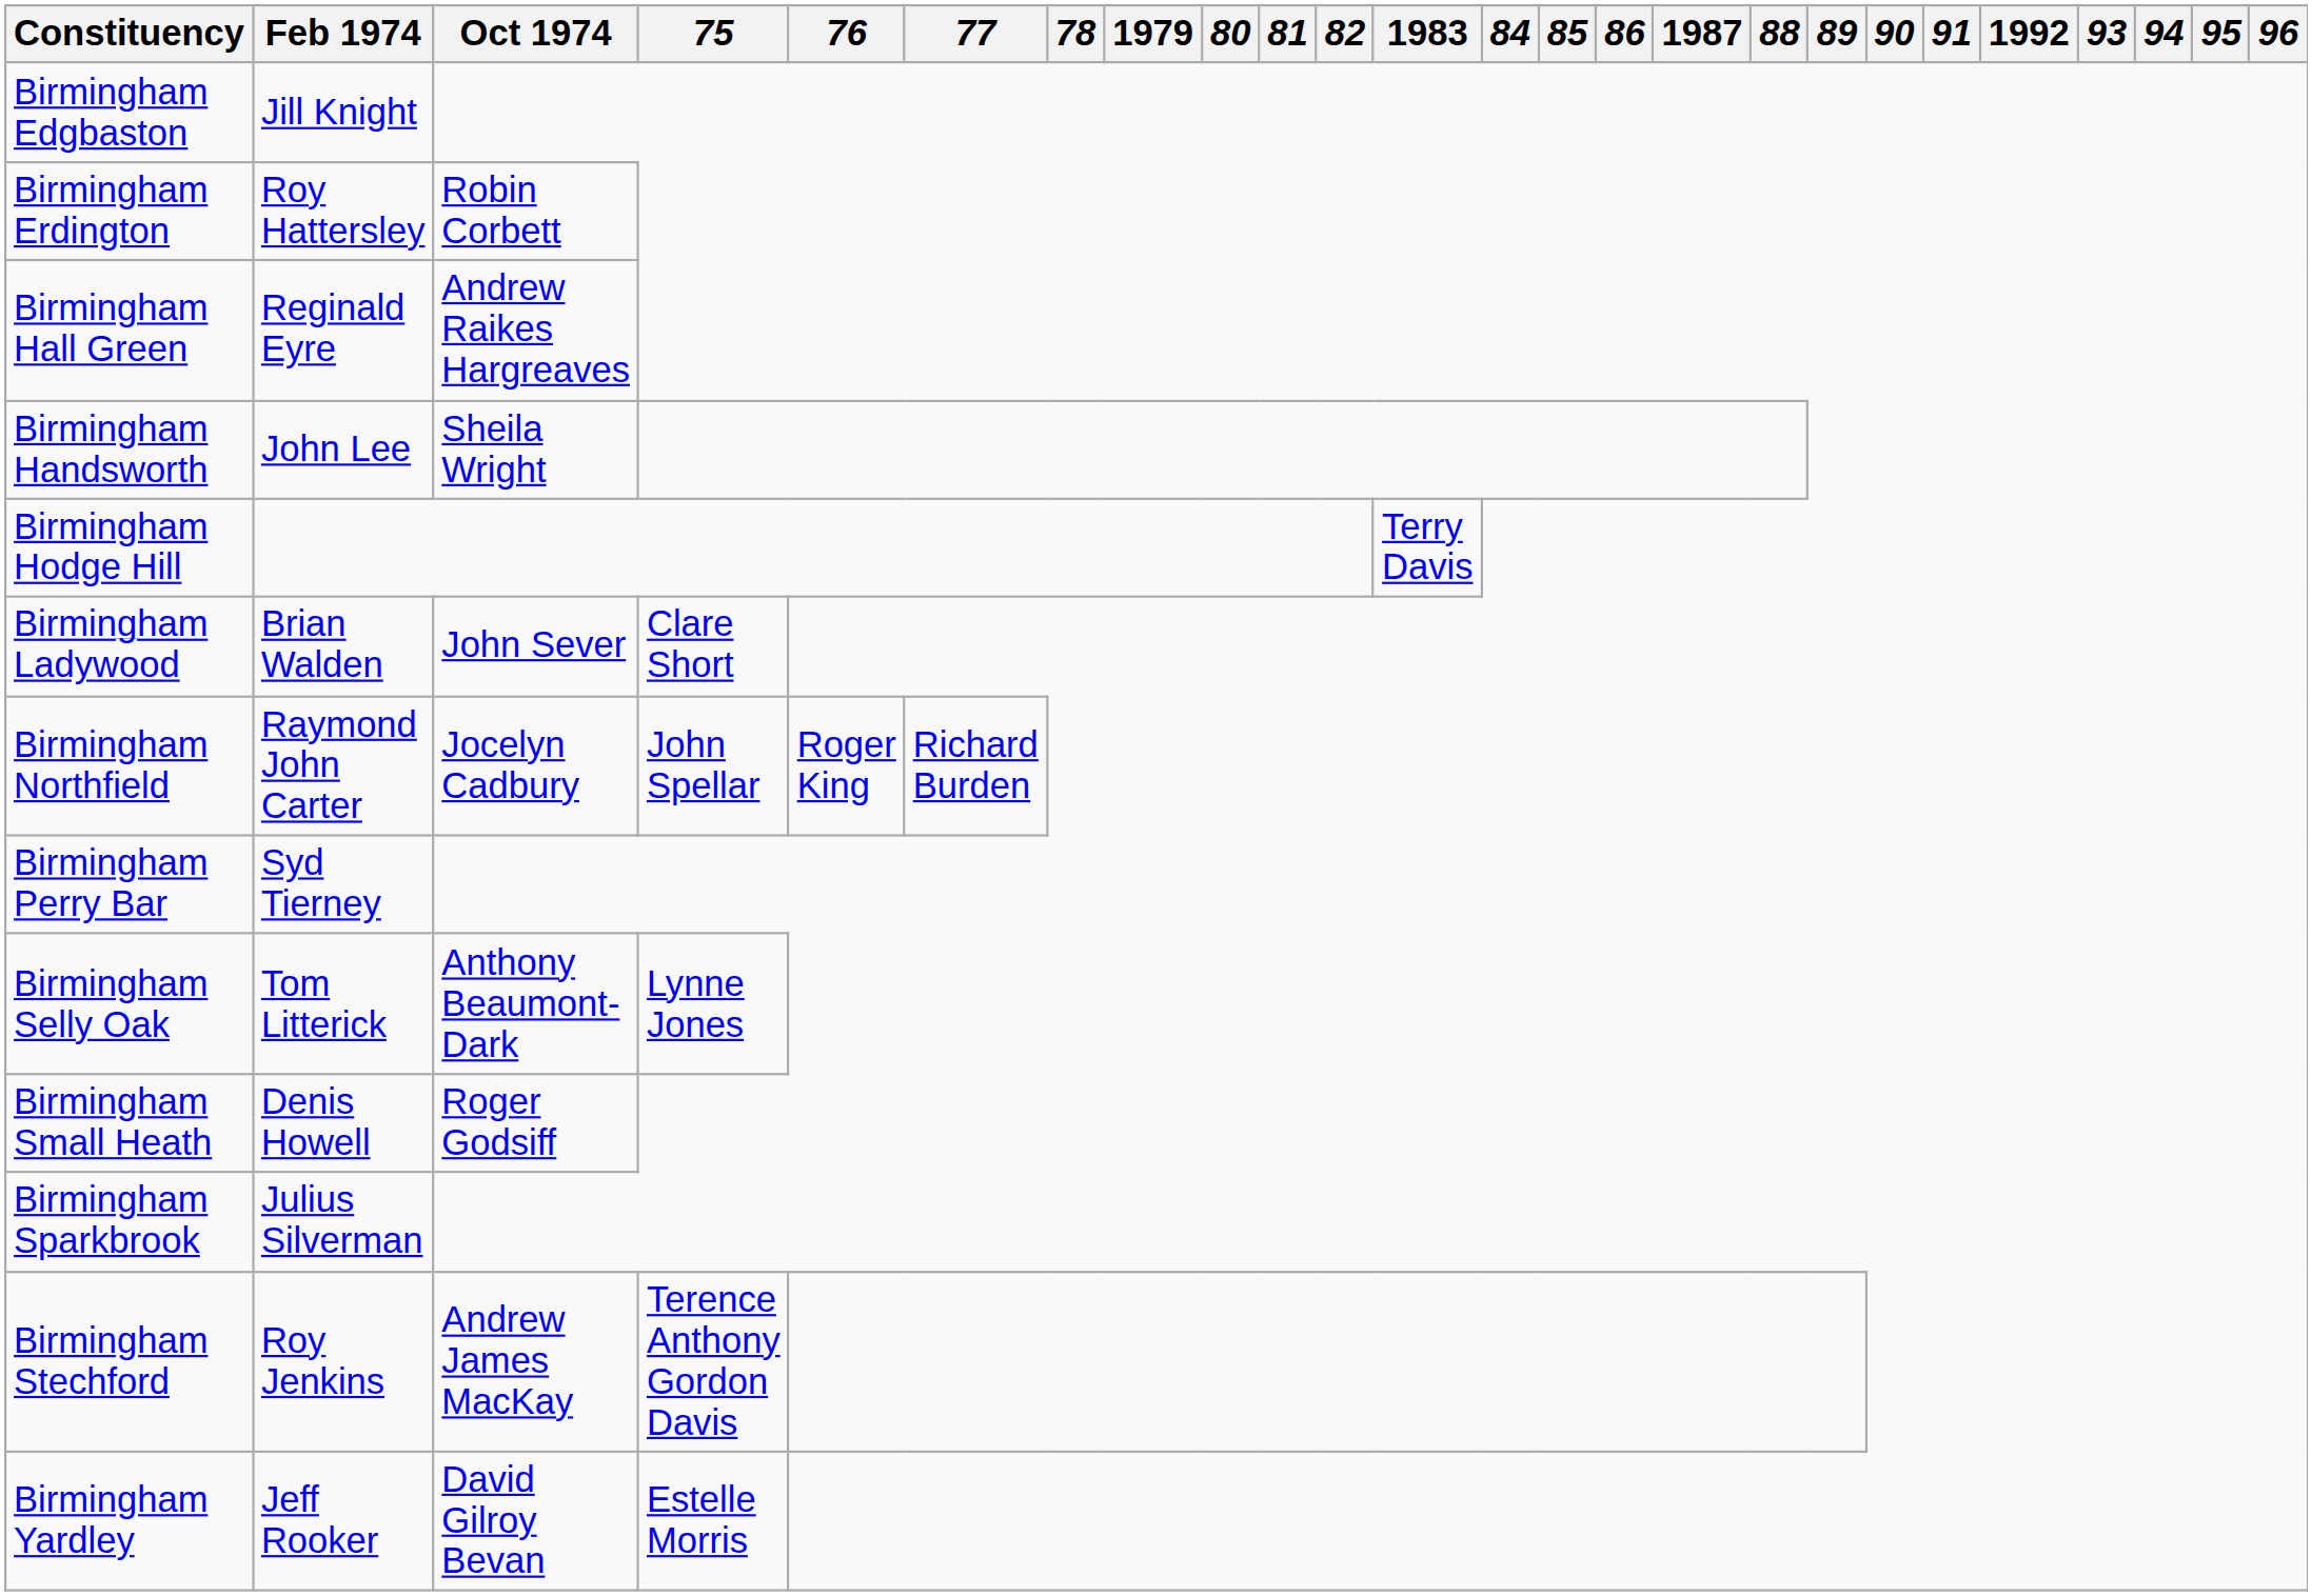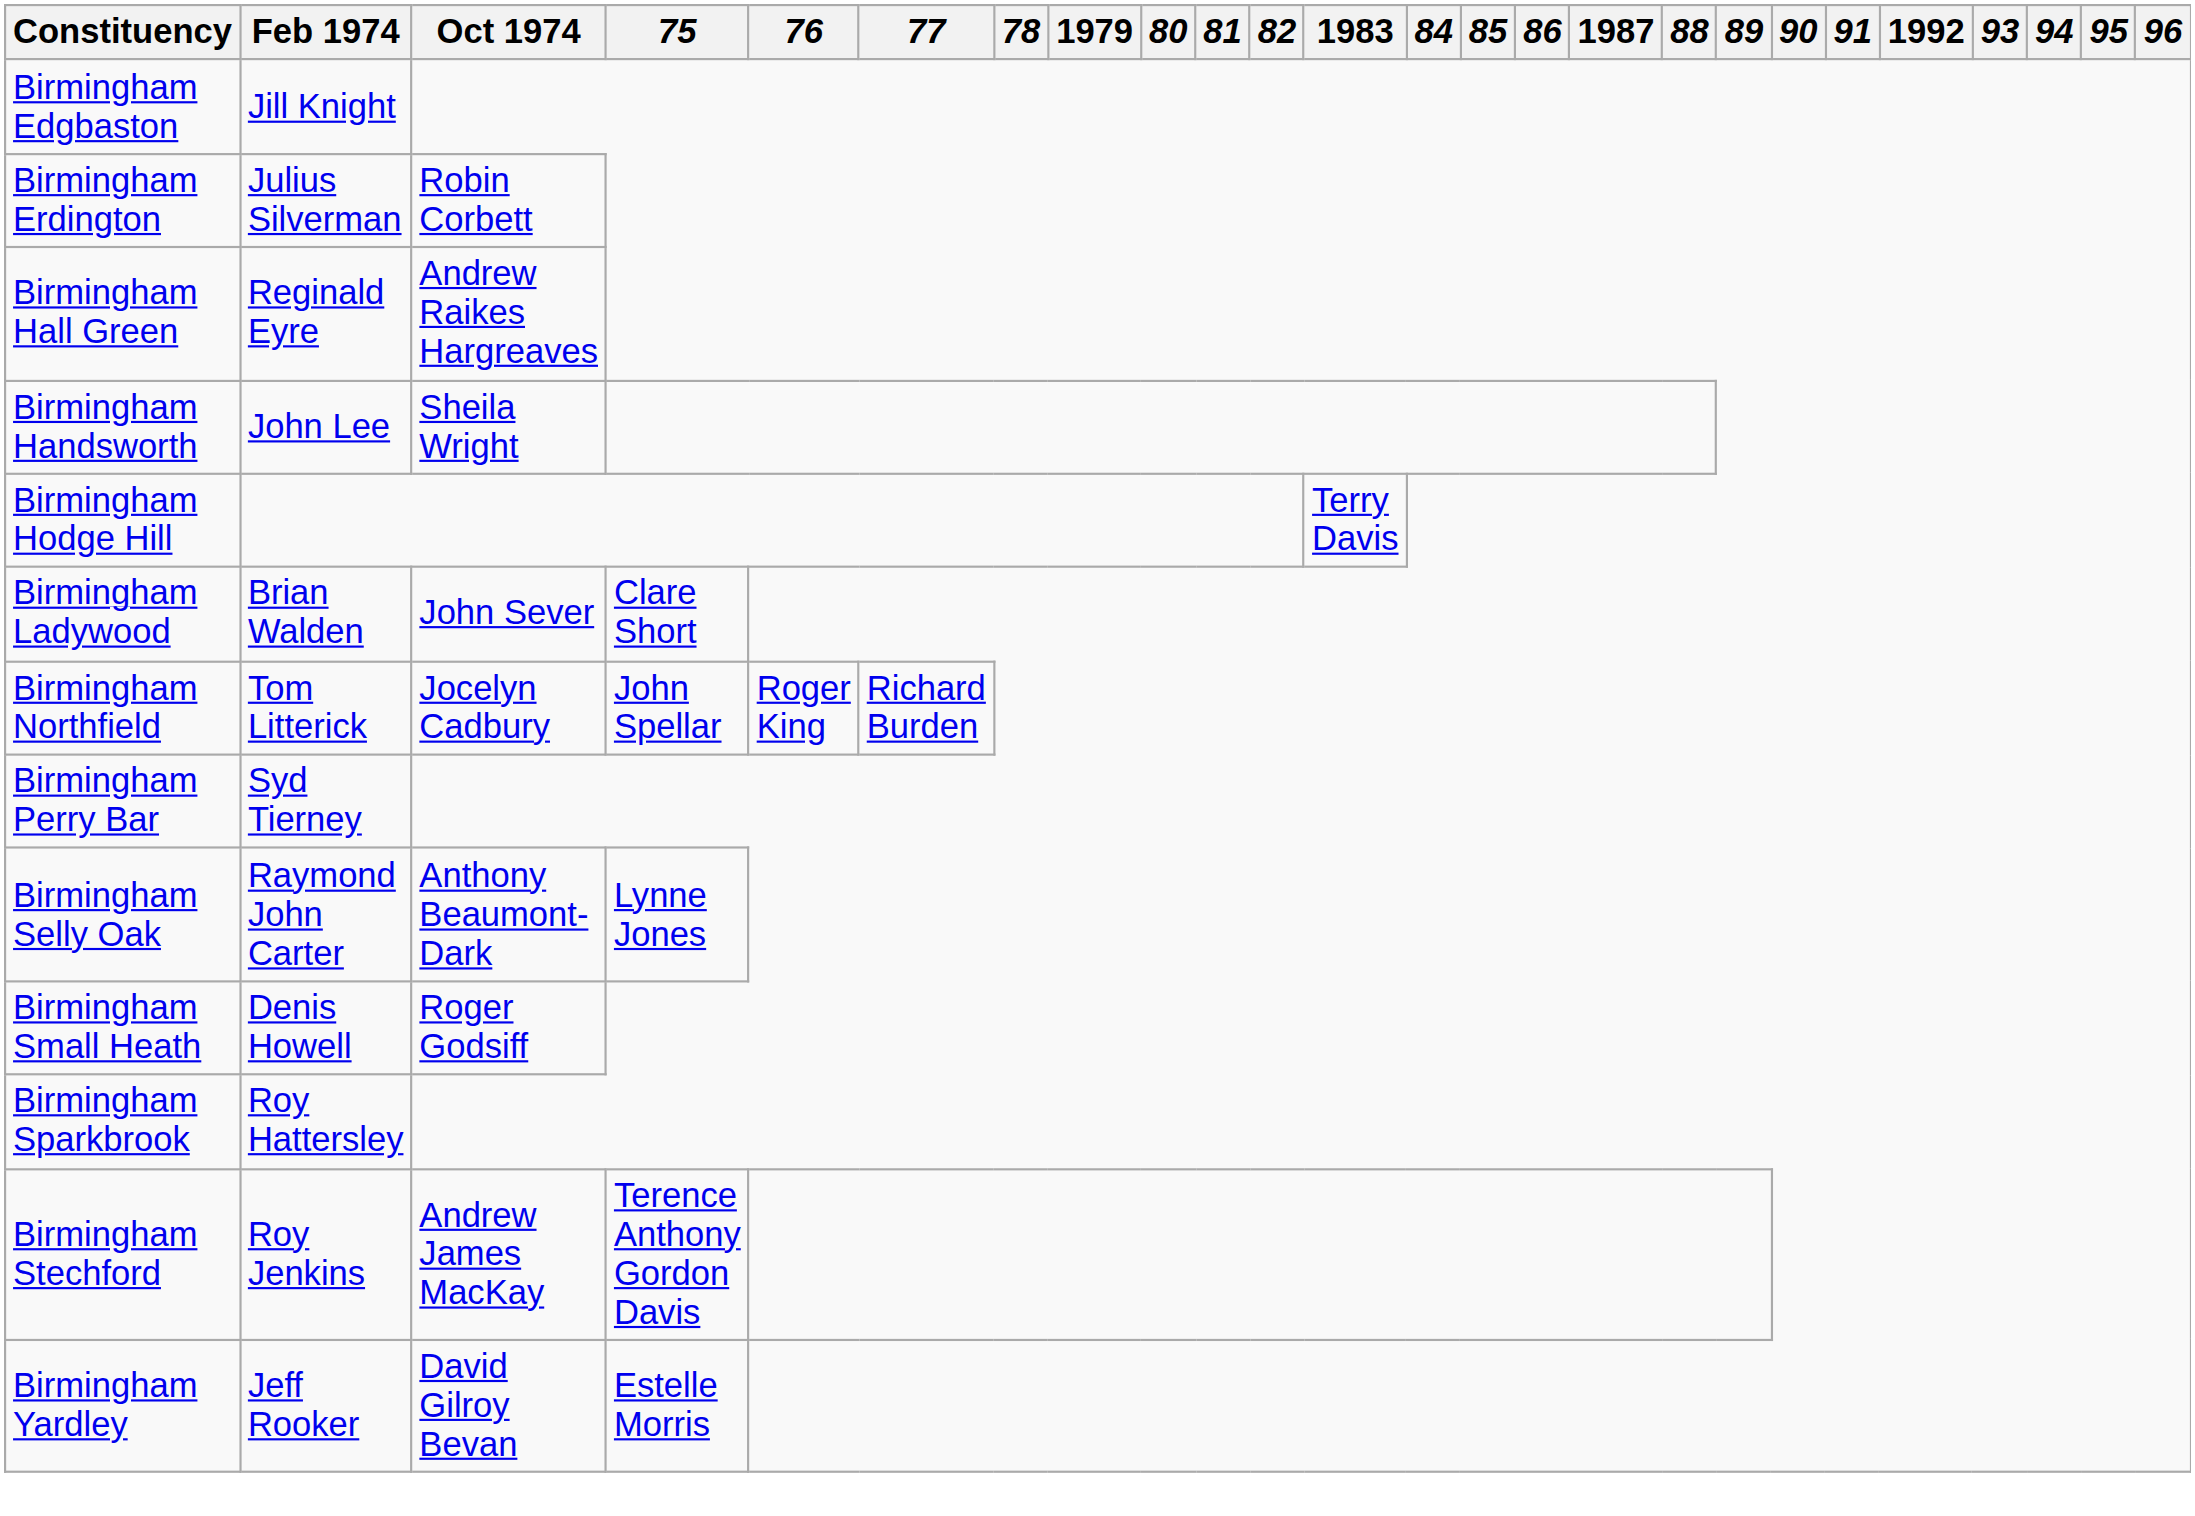 <table class="wikitable">
 <tr>
 <th>Constituency</th>
 <th>Feb 1974</th>
 <th>Oct 1974</th>
 <th><em>75</em></th>
 <th><em>76</em></th>
 <th><em>77</em></th>
 <th><em>78</em></th>
 <th>1979</th>
 <th><em>80</em></th>
 <th><em>81</em></th>
 <th><em>82</em></th>
 <th>1983</th>
 <th><em>84</em></th>
 <th><em>85</em></th>
 <th><em>86</em></th>
 <th>1987</th>
 <th><em>88</em></th>
 <th><em>89</em></th>
 <th><em>90</em></th>
 <th><em>91</em></th>
 <th>1992</th>
 <th><em>93</em></th>
 <th><em>94</em></th>
 <th><em>95</em></th>
 <th><em>96</em></th>
 </tr>
 <tr>
 <td><a href='#'>Birmingham Edgbaston</a></td>
 <td><a href='#'>Jill Knight</a></td>
 </tr>
 <tr>
 <td><a href='#'>Birmingham Erdington</a></td>
-<td><a href='#'>Roy Hattersley</a></td>
+<td><a href='#'>Julius Silverman</a></td>
 <td><a href='#'>Robin Corbett</a></td>
 </tr>
 <tr>
 <td><a href='#'>Birmingham Hall Green</a></td>
 <td><a href='#'>Reginald Eyre</a></td>
 <td><a href='#'>Andrew Raikes Hargreaves</a></td>
 </tr>
 <tr>
 <td><a href='#'>Birmingham Handsworth</a></td>
 <td><a href='#'>John Lee</a></td>
 <td><a href='#'>Sheila Wright</a></td>
 <td colspan=14></td>
 </tr>
 <tr>
 <td><a href='#'>Birmingham Hodge Hill</a></td>
 <td colspan="10"></td>
 <td><a href='#'>Terry Davis</a></td>
 </tr>
 <tr>
 <td><a href='#'>Birmingham Ladywood</a></td>
 <td><a href='#'>Brian Walden</a></td>
 <td><a href='#'>John Sever</a></td>
 <td><a href='#'>Clare Short</a></td>
 </tr>
 <tr>
 <td><a href='#'>Birmingham Northfield</a></td>
-<td><a href='#'>Raymond John Carter</a></td>
+<td><a href='#'>Tom Litterick</a></td>
 <td><a href='#'>Jocelyn Cadbury</a></td>
 <td><a href='#'>John Spellar</a></td>
 <td><a href='#'>Roger King</a></td>
 <td><a href='#'>Richard Burden</a></td>
 </tr>
 <tr>
 <td><a href='#'>Birmingham Perry Bar</a></td>
 <td><a href='#'>Syd Tierney</a></td>
 </tr>
 <tr>
 <td><a href='#'>Birmingham Selly Oak</a></td>
-<td><a href='#'>Tom Litterick</a></td>
+<td><a href='#'>Raymond John Carter</a></td>
 <td><a href='#'>Anthony Beaumont-Dark</a></td>
 <td><a href='#'>Lynne Jones</a></td>
 </tr>
 <tr>
 <td><a href='#'>Birmingham Small Heath</a></td>
 <td><a href='#'>Denis Howell</a></td>
 <td><a href='#'>Roger Godsiff</a></td>
 </tr>
 <tr>
 <td><a href='#'>Birmingham Sparkbrook</a></td>
-<td><a href='#'>Julius Silverman</a></td>
+<td><a href='#'>Roy Hattersley</a></td>
 </tr>
 <tr>
 <td><a href='#'>Birmingham Stechford</a></td>
 <td><a href='#'>Roy Jenkins</a></td>
 <td><a href='#'>Andrew James MacKay</a></td>
 <td><a href='#'>Terence Anthony Gordon Davis</a></td>
 <td colspan=14></td>
 </tr>
 <tr>
 <td><a href='#'>Birmingham Yardley</a></td>
 <td><a href='#'>Jeff Rooker</a></td>
 <td><a href='#'>David Gilroy Bevan</a></td>
 <td><a href='#'>Estelle Morris</a></td>
 </tr>
 </table>
